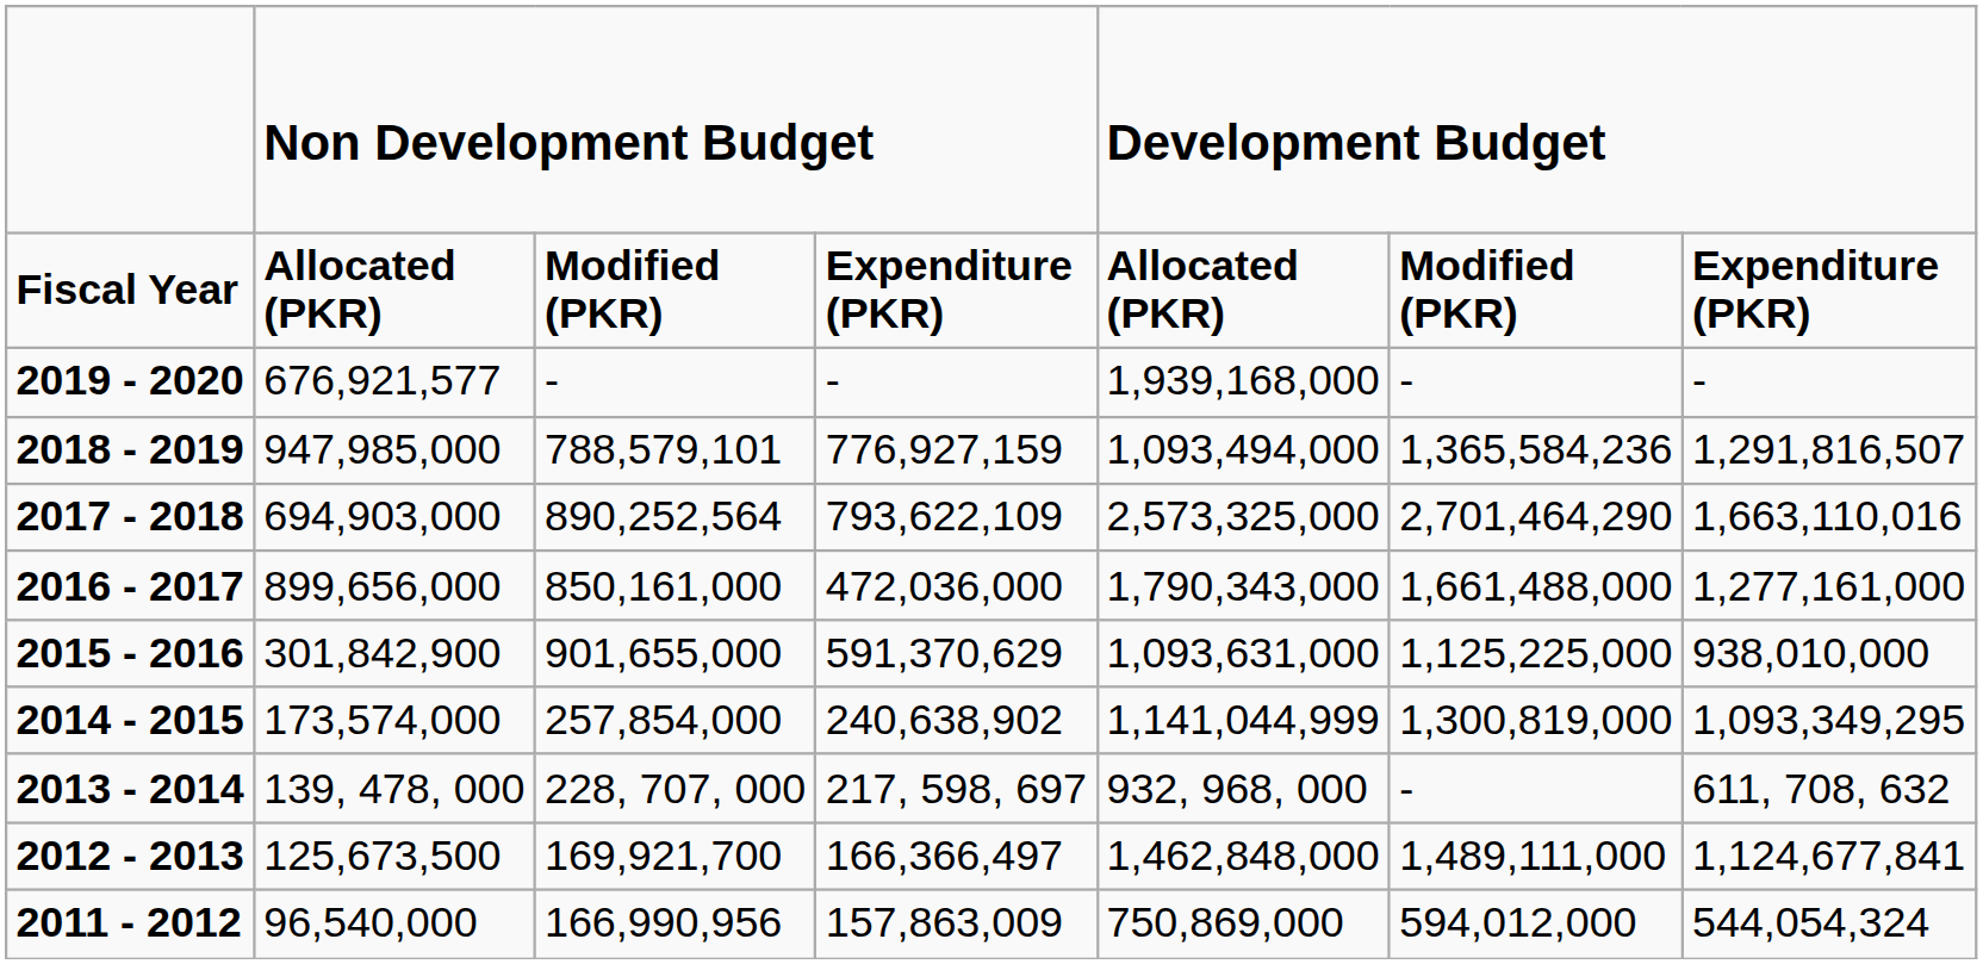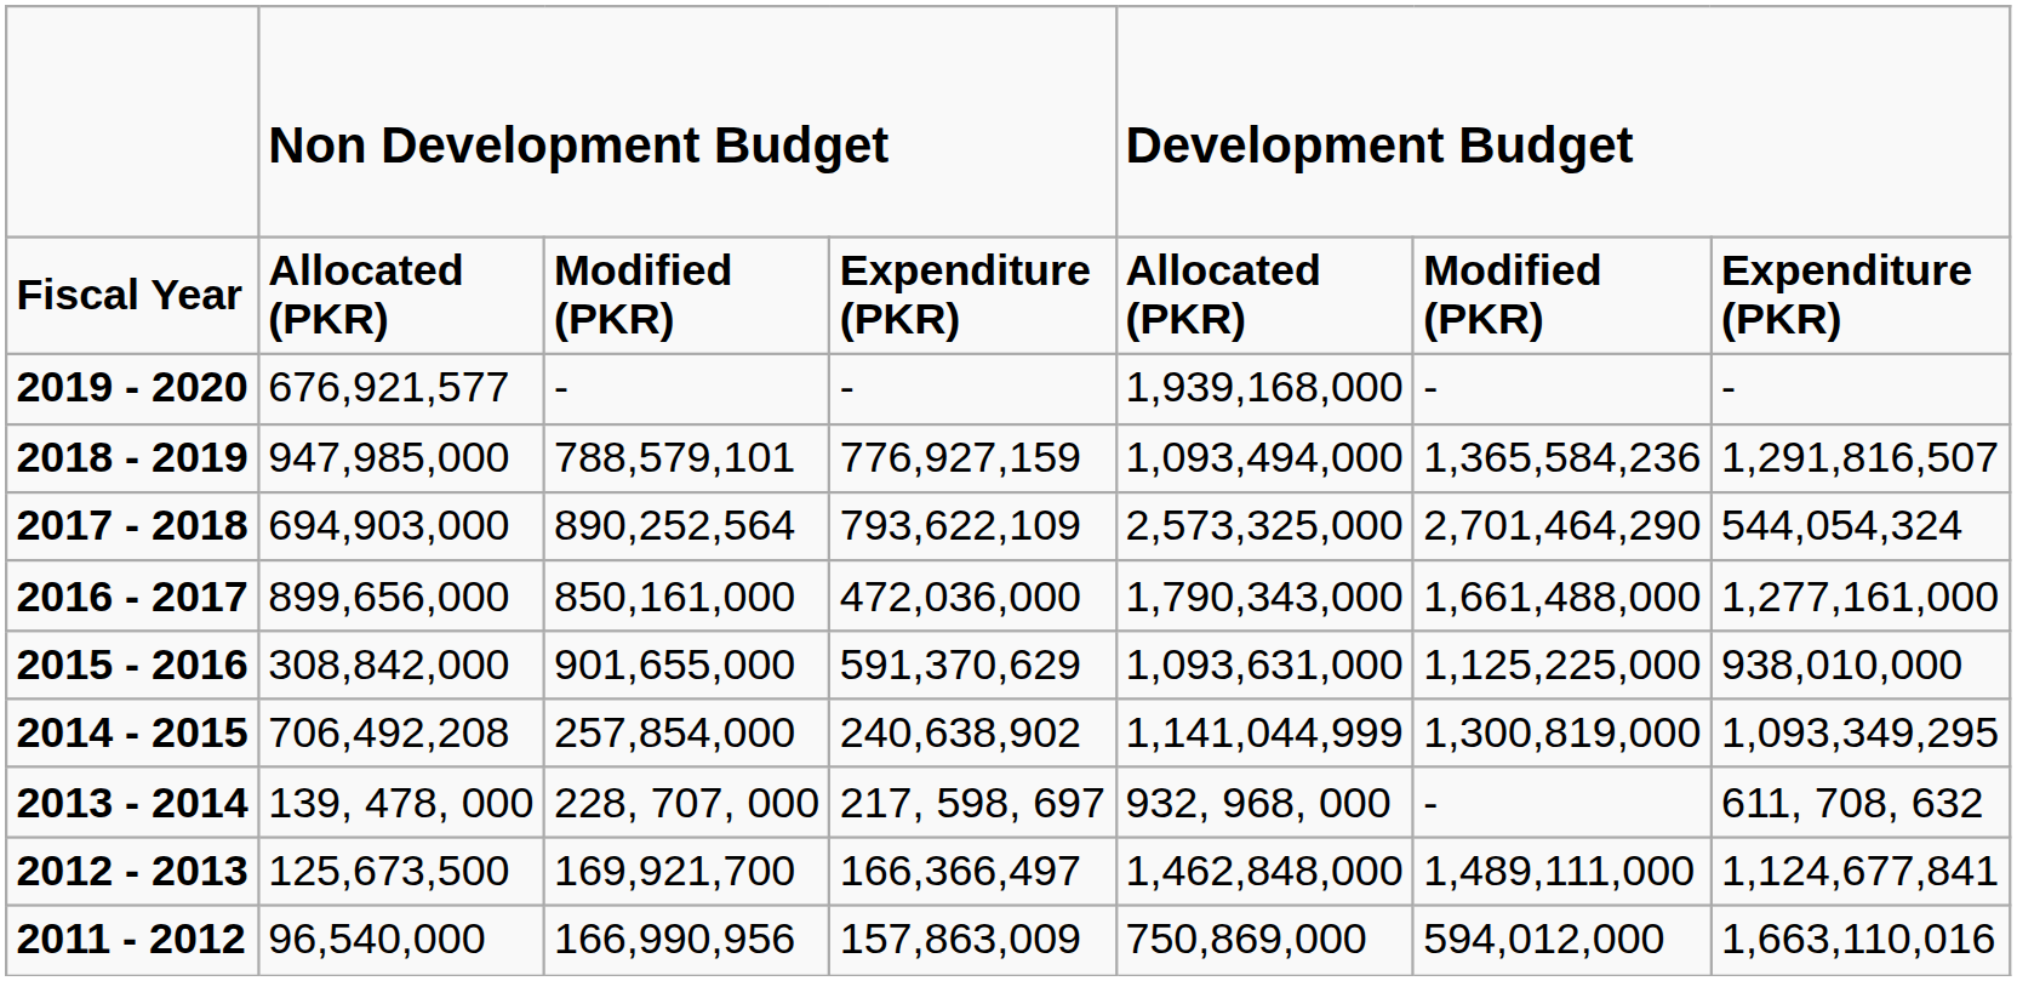 <table class="wikitable">
 <tr>
 <td rowspan="1"></td>
 <td colspan="3" rowspan="1"><br><h3>Non Development Budget</h3></td>
 <td colspan="3" rowspan="1"><br><h3>Development Budget</h3></td>
 </tr>
 <tr>
 <td><strong>Fiscal Year</strong></td>
 <td><strong>Allocated</strong><br><strong>(PKR)</strong></td>
 <td><strong>Modified</strong><br><strong>(PKR)</strong></td>
 <td><strong>Expenditure</strong><br><strong>(PKR)</strong></td>
 <td><strong>Allocated</strong><br><strong>(PKR)</strong></td>
 <td><strong>Modified</strong><br><strong>(PKR)</strong></td>
 <td><strong>Expenditure</strong><br><strong>(PKR)</strong></td>
 </tr>
 <tr>
 <td><strong>2019 - 2020</strong></td>
 <td>676,921,577</td>
 <td>-</td>
 <td>-</td>
 <td>1,939,168,000</td>
 <td>-</td>
 <td>-</td>
 </tr>
 <tr>
 <td><strong>2018 - 2019</strong></td>
 <td>947,985,000</td>
 <td>788,579,101</td>
 <td>776,927,159</td>
 <td>1,093,494,000</td>
 <td>1,365,584,236</td>
 <td>1,291,816,507</td>
 </tr>
 <tr>
 <td><strong>2017 - 2018</strong></td>
 <td>694,903,000</td>
 <td>890,252,564</td>
 <td>793,622,109</td>
 <td>2,573,325,000</td>
 <td>2,701,464,290</td>
-<td>1,663,110,016</td>
+<td>544,054,324</td>
 </tr>
 <tr>
 <td><strong>2016 - 2017</strong></td>
 <td>899,656,000</td>
 <td>850,161,000</td>
 <td>472,036,000</td>
 <td>1,790,343,000</td>
 <td>1,661,488,000</td>
 <td>1,277,161,000</td>
 </tr>
 <tr>
 <td><strong>2015 - 2016</strong></td>
-<td>301,842,900</td>
+<td>308,842,000</td>
 <td>901,655,000</td>
 <td>591,370,629</td>
 <td>1,093,631,000</td>
 <td>1,125,225,000</td>
 <td>938,010,000</td>
 </tr>
 <tr>
 <td><strong>2014 - 2015</strong></td>
-<td>173,574,000</td>
+<td>706,492,208</td>
 <td>257,854,000</td>
 <td>240,638,902</td>
 <td>1,141,044,999</td>
 <td>1,300,819,000</td>
 <td>1,093,349,295</td>
 </tr>
 <tr>
 <td><strong>2013 - 2014</strong></td>
 <td>139, 478, 000</td>
 <td>228, 707, 000</td>
 <td>217, 598, 697</td>
 <td>932, 968, 000</td>
 <td>-</td>
 <td>611, 708, 632</td>
 </tr>
 <tr>
 <td><strong>2012 - 2013</strong></td>
 <td>125,673,500</td>
 <td>169,921,700</td>
 <td>166,366,497</td>
 <td>1,462,848,000</td>
 <td>1,489,111,000</td>
 <td>1,124,677,841</td>
 </tr>
 <tr>
 <td><strong>2011 - 2012</strong></td>
 <td>96,540,000</td>
 <td>166,990,956</td>
 <td>157,863,009</td>
 <td>750,869,000</td>
 <td>594,012,000</td>
-<td>544,054,324</td>
+<td>1,663,110,016</td>
 </tr>
 </table>
